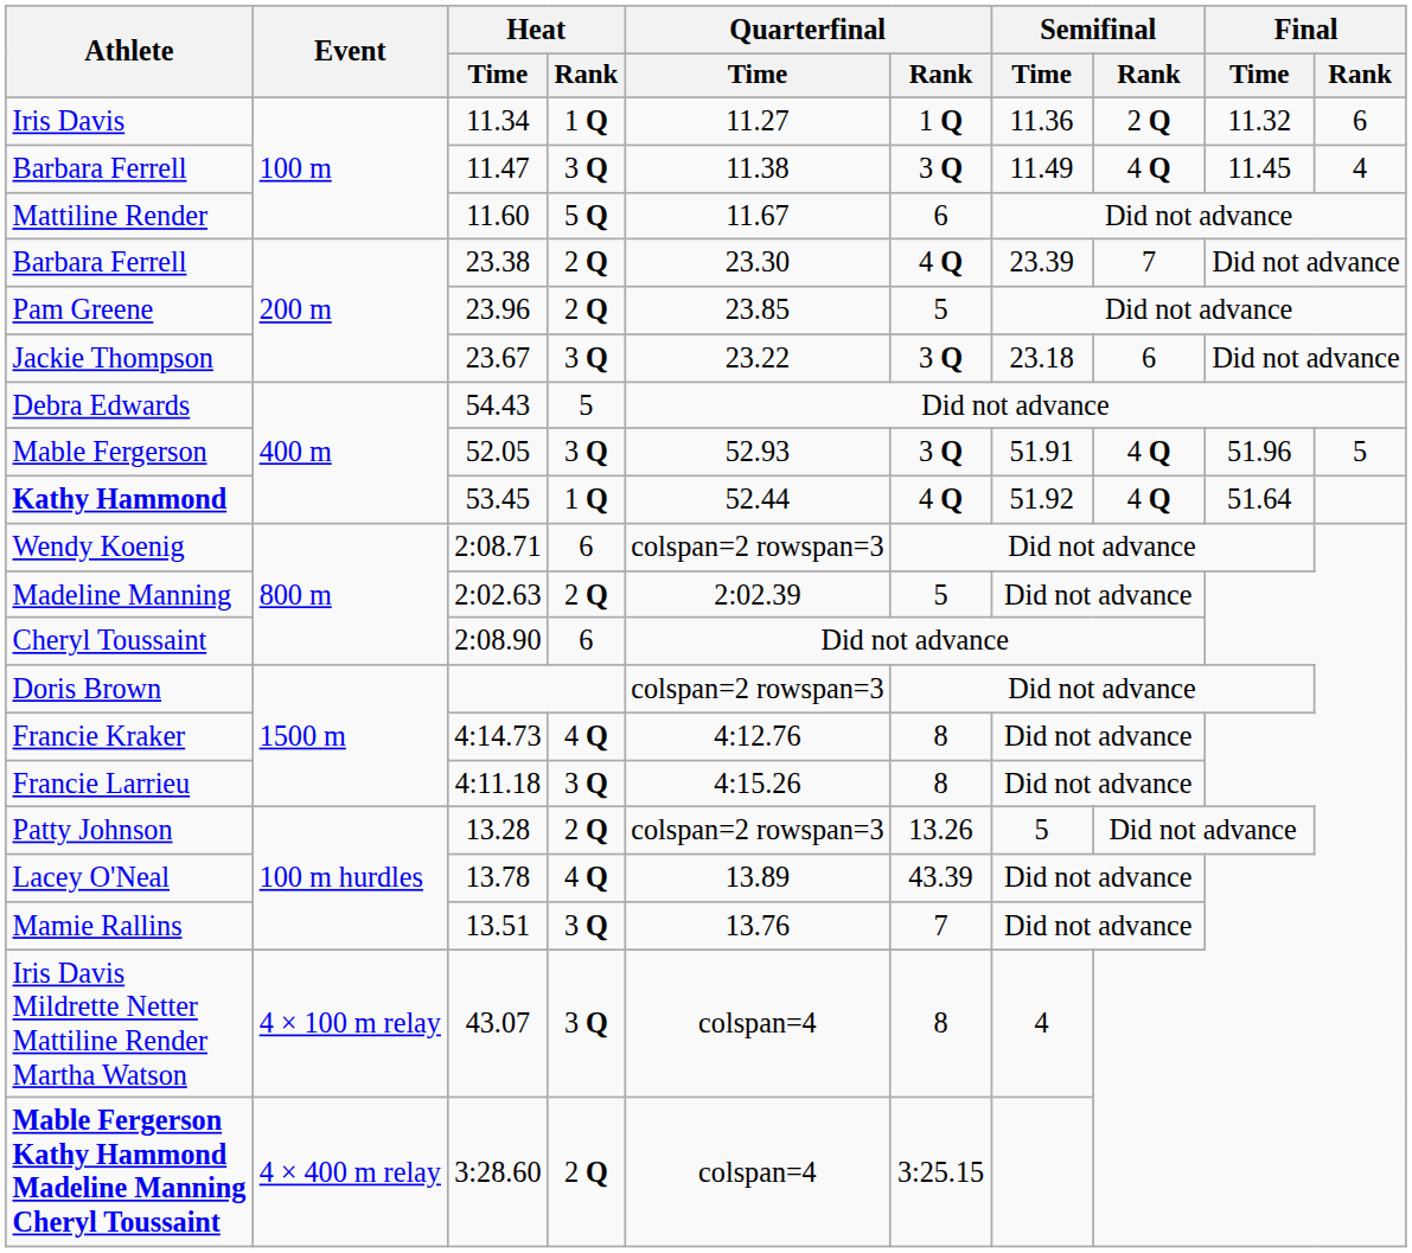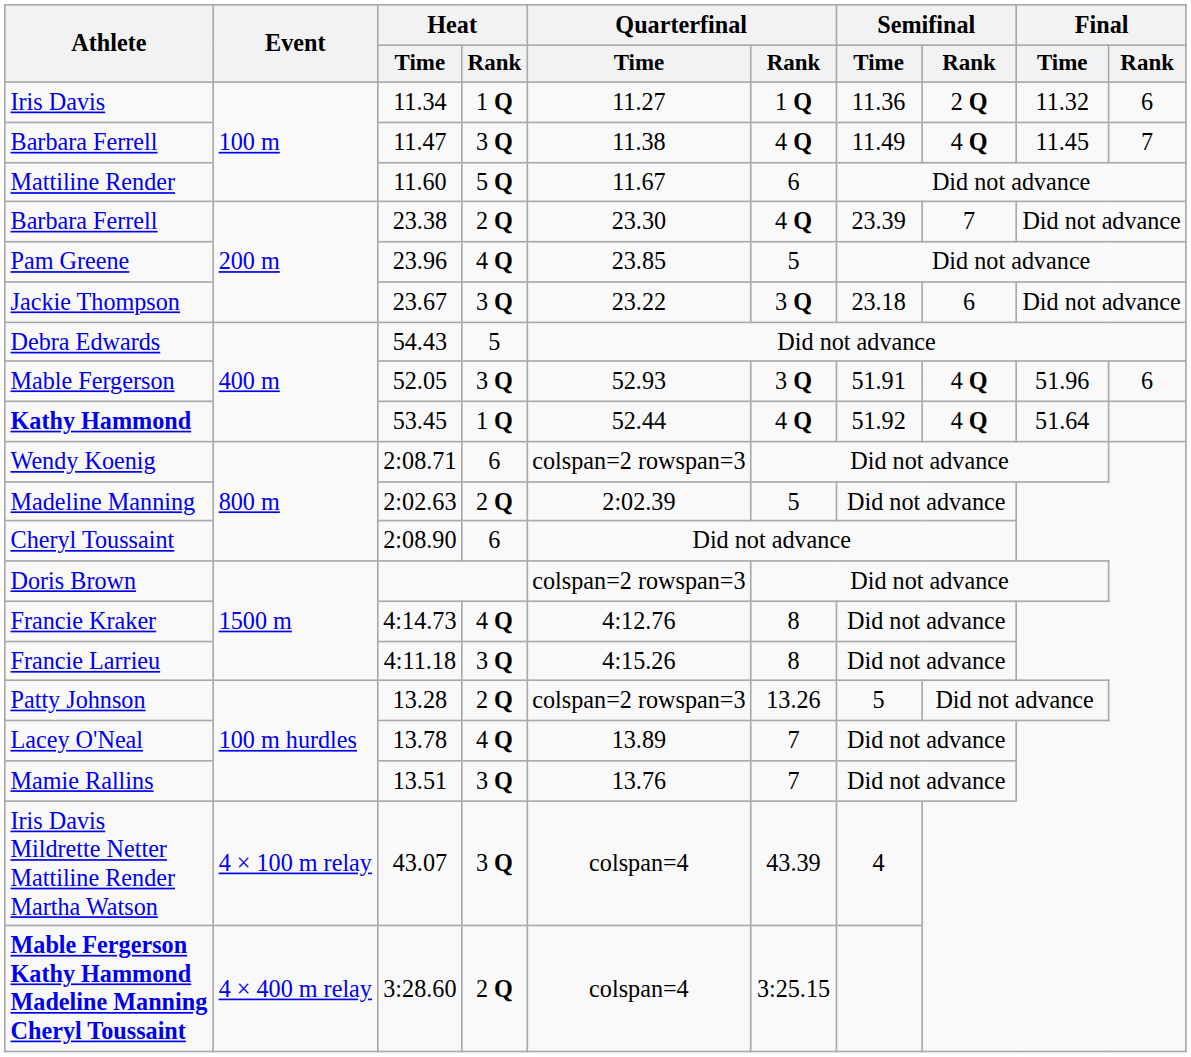 <table class=wikitable style=font-size:90%;text-align:center>
 <tr>
 <th rowspan=2>Athlete</th>
 <th rowspan=2>Event</th>
 <th colspan=2>Heat</th>
 <th colspan=2>Quarterfinal</th>
 <th colspan=2>Semifinal</th>
 <th colspan=2>Final</th>
 </tr>
 <tr style=font-size:95%>
 <th>Time</th>
 <th>Rank</th>
 <th>Time</th>
 <th>Rank</th>
 <th>Time</th>
 <th>Rank</th>
 <th>Time</th>
 <th>Rank</th>
 </tr>
 <tr>
 <td align=left><a href='#'>Iris Davis</a></td>
 <td align=left rowspan=3><a href='#'>100 m</a></td>
 <td>11.34</td>
 <td>1 <strong>Q</strong></td>
 <td>11.27</td>
 <td>1 <strong>Q</strong></td>
 <td>11.36</td>
 <td>2 <strong>Q</strong></td>
 <td>11.32</td>
 <td>6</td>
 </tr>
 <tr>
 <td align=left><a href='#'>Barbara Ferrell</a></td>
 <td>11.47</td>
 <td>3 <strong>Q</strong></td>
 <td>11.38</td>
-<td>3 <strong>Q</strong></td>
+<td>4 <strong>Q</strong></td>
 <td>11.49</td>
 <td>4 <strong>Q</strong></td>
 <td>11.45</td>
-<td>4</td>
+<td>7</td>
 </tr>
 <tr>
 <td align=left><a href='#'>Mattiline Render</a></td>
 <td>11.60</td>
 <td>5 <strong>Q</strong></td>
 <td>11.67</td>
 <td>6</td>
 <td colspan=4>Did not advance</td>
 </tr>
 <tr>
 <td align=left><a href='#'>Barbara Ferrell</a></td>
 <td align=left rowspan=3><a href='#'>200 m</a></td>
 <td>23.38</td>
 <td>2 <strong>Q</strong></td>
 <td>23.30</td>
 <td>4 <strong>Q</strong></td>
 <td>23.39</td>
 <td>7</td>
 <td colspan=2>Did not advance</td>
 </tr>
 <tr>
 <td align=left><a href='#'>Pam Greene</a></td>
 <td>23.96</td>
-<td>2 <strong>Q</strong></td>
+<td>4 <strong>Q</strong></td>
 <td>23.85</td>
 <td>5</td>
 <td colspan=4>Did not advance</td>
 </tr>
 <tr>
 <td align=left><a href='#'>Jackie Thompson</a></td>
 <td>23.67</td>
 <td>3 <strong>Q</strong></td>
 <td>23.22</td>
 <td>3 <strong>Q</strong></td>
 <td>23.18</td>
 <td>6</td>
 <td colspan=2>Did not advance</td>
 </tr>
 <tr>
 <td align=left><a href='#'>Debra Edwards</a></td>
 <td align=left rowspan=3><a href='#'>400 m</a></td>
 <td>54.43</td>
 <td>5</td>
 <td colspan=6>Did not advance</td>
 </tr>
 <tr>
 <td align=left><a href='#'>Mable Fergerson</a></td>
 <td>52.05</td>
 <td>3 <strong>Q</strong></td>
 <td>52.93</td>
 <td>3 <strong>Q</strong></td>
 <td>51.91</td>
 <td>4 <strong>Q</strong></td>
 <td>51.96</td>
-<td>5</td>
+<td>6</td>
 </tr>
 <tr>
 <td align=left><strong><a href='#'>Kathy Hammond</a></strong></td>
 <td>53.45</td>
 <td>1 <strong>Q</strong></td>
 <td>52.44</td>
 <td>4 <strong>Q</strong></td>
 <td>51.92</td>
 <td>4 <strong>Q</strong></td>
 <td>51.64</td>
 <td></td>
 </tr>
 <tr>
 <td align=left><a href='#'>Wendy Koenig</a></td>
 <td align=left rowspan=3><a href='#'>800 m</a></td>
 <td>2:08.71</td>
 <td>6</td>
 <td>colspan=2 rowspan=3 </td>
 <td colspan=4>Did not advance</td>
 </tr>
 <tr>
 <td align=left><a href='#'>Madeline Manning</a></td>
 <td>2:02.63</td>
 <td>2 <strong>Q</strong></td>
 <td>2:02.39</td>
 <td>5</td>
 <td colspan=2>Did not advance</td>
 </tr>
 <tr>
 <td align=left><a href='#'>Cheryl Toussaint</a></td>
 <td>2:08.90</td>
 <td>6</td>
 <td colspan=4>Did not advance</td>
 </tr>
 <tr>
 <td align=left><a href='#'>Doris Brown</a></td>
 <td align=left rowspan=3><a href='#'>1500 m</a></td>
 <td colspan=2></td>
 <td>colspan=2 rowspan=3 </td>
 <td colspan=4>Did not advance</td>
 </tr>
 <tr>
 <td align=left><a href='#'>Francie Kraker</a></td>
 <td>4:14.73</td>
 <td>4 <strong>Q</strong></td>
 <td>4:12.76</td>
 <td>8</td>
 <td colspan=2>Did not advance</td>
 </tr>
 <tr>
 <td align=left><a href='#'>Francie Larrieu</a></td>
 <td>4:11.18</td>
 <td>3 <strong>Q</strong></td>
 <td>4:15.26</td>
 <td>8</td>
 <td colspan=2>Did not advance</td>
 </tr>
 <tr>
 <td align=left><a href='#'>Patty Johnson</a></td>
 <td align=left rowspan=3><a href='#'>100 m hurdles</a></td>
 <td>13.28</td>
 <td>2 <strong>Q</strong></td>
 <td>colspan=2 rowspan=3 </td>
 <td>13.26</td>
 <td>5</td>
 <td colspan=2>Did not advance</td>
 </tr>
 <tr>
 <td align=left><a href='#'>Lacey O'Neal</a></td>
 <td>13.78</td>
 <td>4 <strong>Q</strong></td>
 <td>13.89</td>
-<td>43.39</td>
+<td>7</td>
 <td colspan=2>Did not advance</td>
 </tr>
 <tr>
 <td align=left><a href='#'>Mamie Rallins</a></td>
 <td>13.51</td>
 <td>3 <strong>Q</strong></td>
 <td>13.76</td>
 <td>7</td>
 <td colspan=2>Did not advance</td>
 </tr>
 <tr>
 <td align=left><a href='#'>Iris Davis</a><br><a href='#'>Mildrette Netter</a><br><a href='#'>Mattiline Render</a><br><a href='#'>Martha Watson</a></td>
 <td align=left><a href='#'>4 × 100 m relay</a></td>
 <td>43.07</td>
 <td>3 <strong>Q</strong></td>
 <td>colspan=4 </td>
-<td>8</td>
+<td>43.39</td>
 <td>4</td>
 </tr>
 <tr>
 <td align=left><strong><a href='#'>Mable Fergerson</a><br><a href='#'>Kathy Hammond</a><br><a href='#'>Madeline Manning</a><br><a href='#'>Cheryl Toussaint</a></strong></td>
 <td align=left><a href='#'>4 × 400 m relay</a></td>
 <td>3:28.60</td>
 <td>2 <strong>Q</strong></td>
 <td>colspan=4 </td>
 <td>3:25.15</td>
 <td></td>
 </tr>
 </table>
